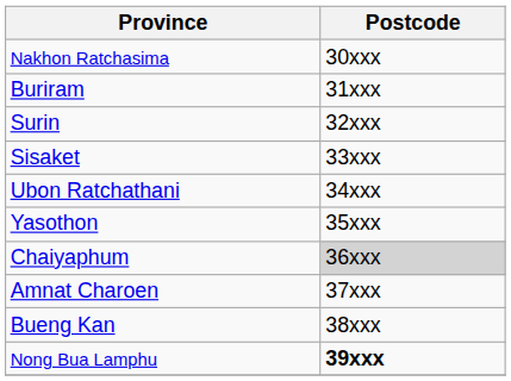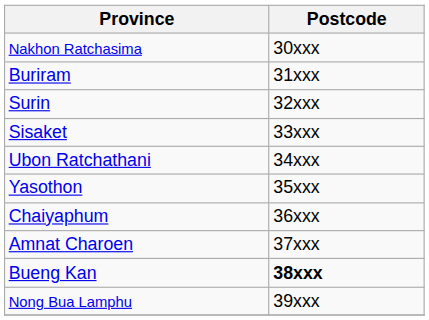 <table class="wikitable" style="width:30%; display:inline-table;">
 <tr>
 <th>Province</th>
 <th>Postcode</th>
 </tr>
 <tr>
 <td><a href='#'><small>Nakhon Ratchasima</small></a></td>
 <td>30xxx</td>
 </tr>
 <tr>
 <td><a href='#'>Buriram</a></td>
 <td>31xxx</td>
 </tr>
 <tr>
 <td><a href='#'>Surin</a></td>
 <td>32xxx</td>
 </tr>
 <tr>
 <td><a href='#'>Sisaket</a></td>
 <td>33xxx</td>
 </tr>
 <tr>
 <td><a href='#'>Ubon Ratchathani</a></td>
 <td>34xxx</td>
 </tr>
 <tr>
 <td><a href='#'>Yasothon</a></td>
 <td>35xxx</td>
 </tr>
 <tr>
 <td><a href='#'>Chaiyaphum</a></td>
-<td style="background: lightgrey;">36xxx</td>
+<td>36xxx</td>
 </tr>
 <tr>
 <td><a href='#'>Amnat Charoen</a></td>
 <td>37xxx</td>
 </tr>
 <tr>
 <td><a href='#'>Bueng Kan</a></td>
-<td>38xxx</td>
+<td><strong>38xxx</strong></td>
 </tr>
 <tr>
 <td><a href='#'><small>Nong Bua Lamphu</small></a></td>
-<td><strong>39xxx</strong></td>
+<td>39xxx</td>
 </tr>
 <tr>
 </tr>
 </table>
